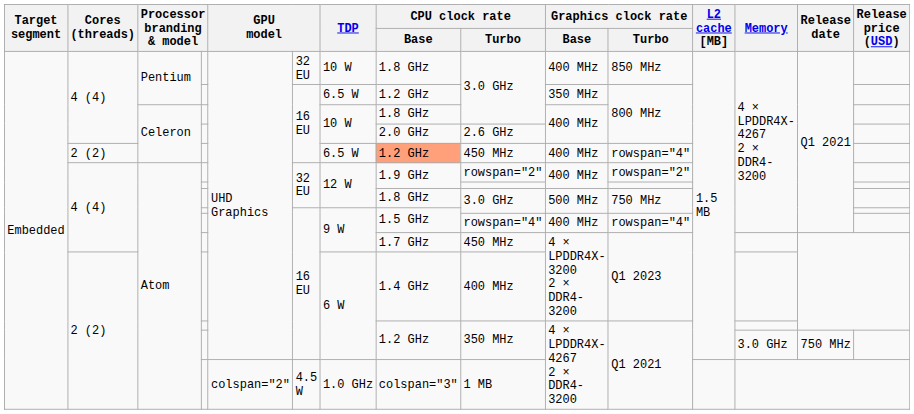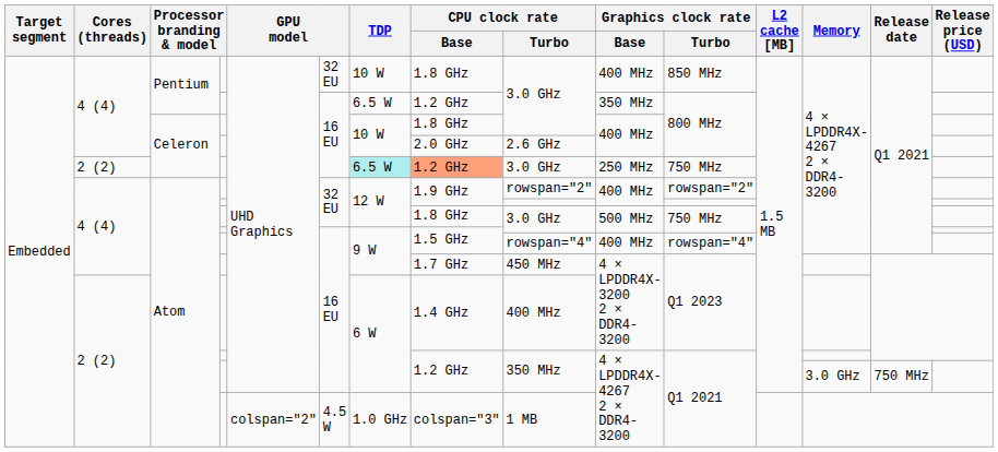 <table class="wikitable">
 <tr>
 <th rowspan="2">Target<br>segment</th>
 <th rowspan="2">Cores (threads)</th>
 <th colspan="2" rowspan="2">Processor<br>branding & model</th>
 <th colspan="2" rowspan="2">GPU<br>model</th>
 <th rowspan="2"><a href='#'>TDP</a></th>
 <th colspan="2">CPU clock rate</th>
 <th colspan="2">Graphics clock rate</th>
 <th rowspan="2"><a href='#'>L2 cache</a><br>[MB]</th>
 <th rowspan="2"><a href='#'>Memory</a></th>
 <th rowspan="2">Release date</th>
 <th rowspan="2">Release<br>price (<a href='#'>USD</a>)</th>
 </tr>
 <tr>
 <th>Base</th>
 <th>Turbo</th>
 <th>Base</th>
 <th>Turbo</th>
 </tr>
 <tr>
 <td rowspan="15">Embedded</td>
 <td rowspan="4">4 (4)</td>
 <td rowspan="2">Pentium</td>
 <td></td>
 <td rowspan="14">UHD Graphics</td>
 <td>32 EU</td>
 <td>10 W</td>
 <td>1.8 GHz</td>
 <td rowspan="3">3.0 GHz</td>
 <td>400 MHz</td>
 <td>850 MHz</td>
 <td rowspan="14">1.5 MB</td>
 <td rowspan="10">4 × LPDDR4X-4267<br>2 × DDR4-3200</td>
 <td rowspan="10">Q1 2021</td>
 <td></td>
 </tr>
 <tr>
 <td></td>
 <td rowspan="4">16 EU</td>
 <td>6.5 W</td>
 <td>1.2 GHz</td>
 <td>350 MHz</td>
 <td rowspan="3">800 MHz</td>
 <td></td>
 </tr>
 <tr>
 <td rowspan="3">Celeron</td>
 <td></td>
 <td rowspan="2">10 W</td>
 <td>1.8 GHz</td>
 <td rowspan="2">400 MHz</td>
 <td></td>
 </tr>
 <tr>
 <td></td>
 <td>2.0 GHz</td>
 <td>2.6 GHz</td>
 <td></td>
 </tr>
 <tr>
 <td>2 (2)</td>
 <td></td>
-<td>6.5 W</td>
+<td style="background: paleturquoise;">6.5 W</td>
 <td style="background: lightsalmon;">1.2 GHz</td>
-<td>450 MHz</td>
-<td>400 MHz</td>
-<td>rowspan="4" </td>
+<td>3.0 GHz</td>
+<td>250 MHz</td>
+<td>750 MHz</td>
 <td></td>
 </tr>
 <tr>
 <td rowspan="6">4 (4)</td>
 <td rowspan="10">Atom</td>
 <td></td>
 <td rowspan="3">32 EU</td>
 <td rowspan="3">12 W</td>
 <td rowspan="2">1.9 GHz</td>
 <td>rowspan="2" </td>
 <td rowspan="2">400 MHz</td>
 <td>rowspan="2" </td>
 <td></td>
 </tr>
 <tr>
 <td></td>
 <td></td>
 </tr>
 <tr>
 <td></td>
 <td>1.8 GHz</td>
 <td rowspan="2">3.0 GHz</td>
 <td rowspan="2">500 MHz</td>
 <td rowspan="2">750 MHz</td>
 <td></td>
 </tr>
 <tr>
 <td></td>
 <td rowspan="6">16 EU</td>
 <td rowspan="3">9 W</td>
 <td rowspan="2">1.5 GHz</td>
 <td></td>
 </tr>
 <tr>
 <td></td>
 <td>rowspan="4" </td>
 <td>400 MHz</td>
 <td>rowspan="4" </td>
 <td></td>
 </tr>
 <tr>
 <td></td>
 <td>1.7 GHz</td>
 <td>450 MHz</td>
 <td rowspan="2">4 × LPDDR4X-3200<br>2 × DDR4-3200</td>
 <td rowspan="2">Q1 2023</td>
 <td></td>
 </tr>
 <tr>
 <td rowspan="4">2 (2)</td>
 <td></td>
 <td rowspan="3">6 W</td>
 <td>1.4 GHz</td>
 <td>400 MHz</td>
 <td></td>
 </tr>
 <tr>
 <td></td>
 <td rowspan="2">1.2 GHz</td>
 <td rowspan="2">350 MHz</td>
 <td rowspan="3">4 × LPDDR4X-4267<br>2 × DDR4-3200</td>
 <td rowspan="3">Q1 2021</td>
 <td></td>
 </tr>
 <tr>
 <td></td>
 <td>3.0 GHz</td>
 <td>750 MHz</td>
 <td></td>
 </tr>
 <tr>
 <td></td>
 <td>colspan="2" </td>
 <td>4.5 W</td>
 <td>1.0 GHz</td>
 <td>colspan="3" </td>
 <td>1 MB</td>
 <td></td>
 </tr>
 </table>
